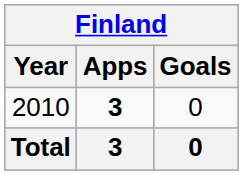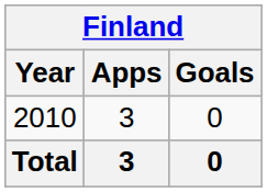 <table class=wikitable style=text-align:center>
 <tr>
 <th colspan=4><a href='#'>Finland</a></th>
 </tr>
 <tr>
 <th>Year</th>
 <th>Apps</th>
 <th>Goals</th>
 </tr>
 <tr>
 <td>2010</td>
-<td><strong>3</strong></td>
+<td>3</td>
 <td>0</td>
 </tr>
 <tr>
 <th colspan=1>Total</th>
 <th>3</th>
 <th>0</th>
 </tr>
 </table>
